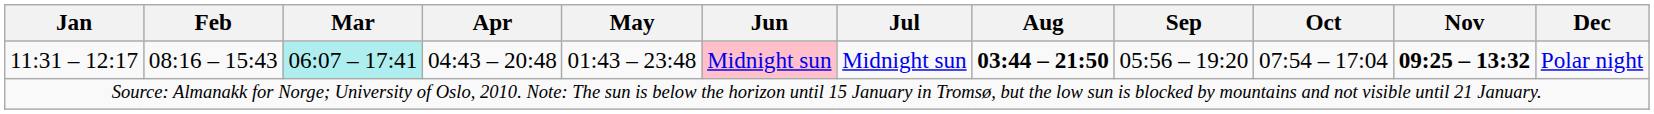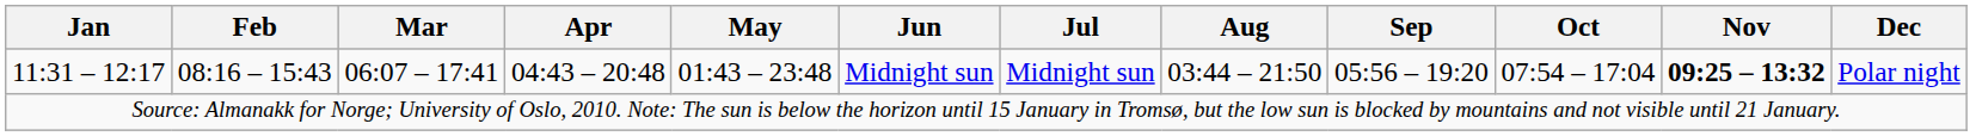 <table class="wikitable">
 <tr>
 <th>Jan</th>
 <th>Feb</th>
 <th>Mar</th>
 <th>Apr</th>
 <th>May</th>
 <th>Jun</th>
 <th>Jul</th>
 <th>Aug</th>
 <th>Sep</th>
 <th>Oct</th>
 <th>Nov</th>
 <th>Dec</th>
 </tr>
 <tr>
 <td>11:31 – 12:17</td>
 <td>08:16 – 15:43</td>
-<td style="background: paleturquoise;">06:07 – 17:41</td>
+<td>06:07 – 17:41</td>
 <td>04:43 – 20:48</td>
 <td>01:43 – 23:48</td>
-<td style="background: pink;"><a href='#'>Midnight sun</a></td>
 <td><a href='#'>Midnight sun</a></td>
-<td><strong>03:44 – 21:50</strong></td>
+<td><a href='#'>Midnight sun</a></td>
+<td>03:44 – 21:50</td>
 <td>05:56 – 19:20</td>
 <td>07:54 – 17:04</td>
 <td><strong>09:25 – 13:32</strong></td>
 <td><a href='#'>Polar night</a></td>
 </tr>
 <tr>
 <td colspan="12" style="text-align:center;font-size:80%;"><em>Source: Almanakk for Norge; University of Oslo, 2010. Note: The sun is below the horizon until 15 January in Tromsø, but the low sun is blocked by mountains and not visible until 21 January.</em></td>
 </tr>
 </table>
